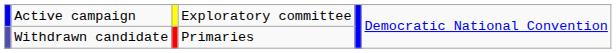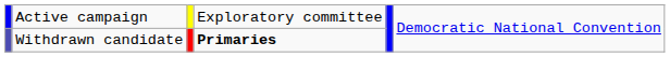 <table class="wikitable">
 <tr>
 <td style="background:#0000F5;"></td>
 <td>Active campaign</td>
 <td style="background:#FFFF00;"></td>
 <td>Exploratory committee</td>
 <td style="background:blue;" rowspan=2></td>
 <td rowspan=2><a href='#'>Democratic National Convention</a></td>
 </tr>
 <tr>
 <td style="background:#4C4CB2;"></td>
 <td>Withdrawn candidate</td>
 <td style="background:#FF0000;"></td>
-<td>Primaries</td>
+<td><strong>Primaries</strong></td>
 </tr>
 </table>
